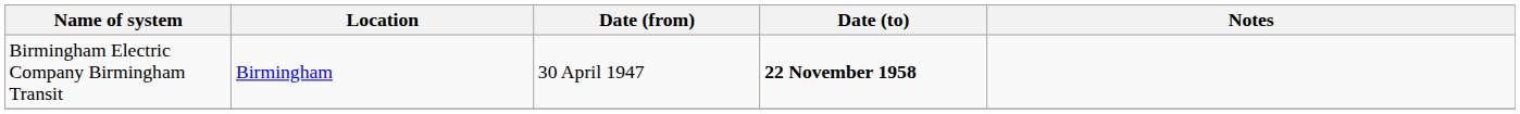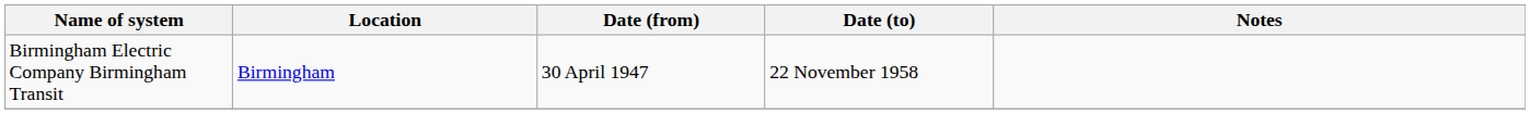 <table class="wikitable" width=100%>
 <tr>
 <th width=15%>Name of system</th>
 <th width=20%>Location</th>
 <th width=15%>Date (from)</th>
 <th width=15%>Date (to)</th>
 <th width=35%>Notes</th>
 </tr>
 <tr>
 <td>Birmingham Electric Company Birmingham Transit </td>
 <td><a href='#'>Birmingham</a></td>
 <td>30 April 1947</td>
-<td><strong>22 November 1958</strong></td>
+<td>22 November 1958</td>
 <td> </td>
 </tr>
 <tr>
 </tr>
 </table>
